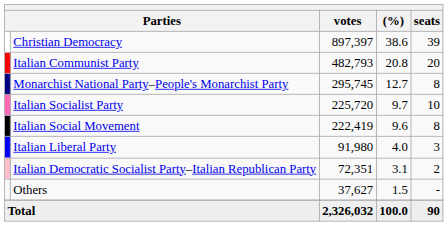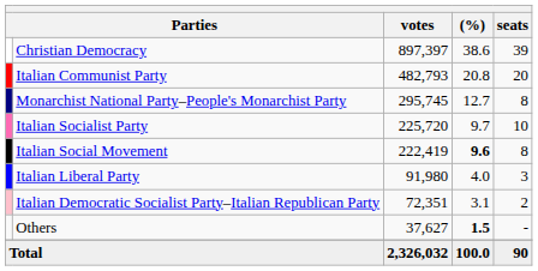 <table class="wikitable" style="font-size:95%">
 <tr>
 <th colspan=5></th>
 </tr>
 <tr>
 <th colspan=2>Parties</th>
 <th>votes</th>
 <th>(%)</th>
 <th>seats</th>
 </tr>
 <tr>
 <td bgcolor=White></td>
 <td><a href='#'>Christian Democracy</a></td>
 <td align=right>897,397</td>
 <td align=right>38.6</td>
 <td align=right>39</td>
 </tr>
 <tr>
 <td bgcolor=Red></td>
 <td><a href='#'>Italian Communist Party</a></td>
 <td align=right>482,793</td>
 <td align=right>20.8</td>
 <td align=right>20</td>
 </tr>
 <tr>
 <td bgcolor=Navy></td>
 <td><a href='#'>Monarchist National Party</a>–<a href='#'>People's Monarchist Party</a></td>
 <td align=right>295,745</td>
 <td align=right>12.7</td>
 <td align=right>8</td>
 </tr>
 <tr>
 <td bgcolor=Hotpink></td>
 <td><a href='#'>Italian Socialist Party</a></td>
 <td align=right>225,720</td>
 <td align=right>9.7</td>
 <td align=right>10</td>
 </tr>
 <tr>
 <td bgcolor=Black></td>
 <td><a href='#'>Italian Social Movement</a></td>
 <td align=right>222,419</td>
-<td align=right>9.6</td>
+<td align=right><strong>9.6</strong></td>
 <td align=right>8</td>
 </tr>
 <tr>
 <td bgcolor=Blue></td>
 <td><a href='#'>Italian Liberal Party</a></td>
 <td align=right>91,980</td>
 <td align=right>4.0</td>
 <td align=right>3</td>
 </tr>
 <tr>
 <td bgcolor=Pink></td>
 <td><a href='#'>Italian Democratic Socialist Party</a>–<a href='#'>Italian Republican Party</a></td>
 <td align=right>72,351</td>
 <td align=right>3.1</td>
 <td align=right>2</td>
 </tr>
 <tr>
 <td bgcolor=></td>
 <td>Others</td>
 <td align=right>37,627</td>
-<td align=right>1.5</td>
+<td align=right><strong>1.5</strong></td>
 <td align=right>-</td>
 </tr>
 <tr>
 </tr>
 <tr bgcolor="EFEFEF">
 <td Colspan=2><strong>Total</strong></td>
 <td align=right><strong>2,326,032</strong></td>
 <td align=right><strong>100.0</strong></td>
 <td align=right><strong>90</strong></td>
 </tr>
 </table>
